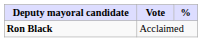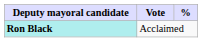 <table class="wikitable">
 <tr>
 <th style="background:#ddf; width:200px;">Deputy mayoral candidate</th>
 <th style="background:#ddf; width:50px;">Vote</th>
 <th style="background:#ddf; width:30px;">%</th>
 </tr>
 <tr>
-<td><strong>Ron Black</strong></td>
+<td style="background: paleturquoise;"><strong>Ron Black</strong></td>
 <td colspan="2">Acclaimed</td>
 </tr>
 </table>
